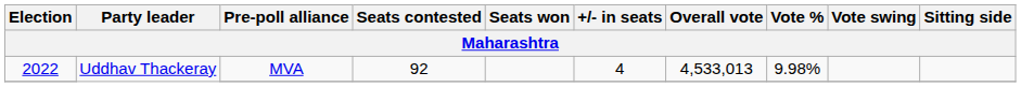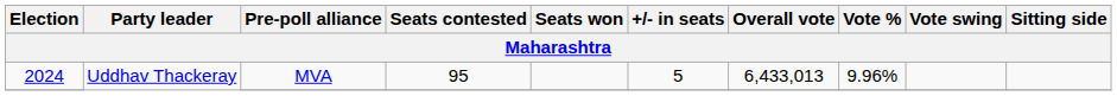 <table class="wikitable" style="text-align:center">
 <tr>
 <th style="background-color:">Election</th>
 <th style="background-color:">Party leader</th>
 <th style="background-color:">Pre-poll alliance</th>
 <th style="background-color:">Seats contested</th>
 <th style="background-color:">Seats won</th>
 <th style="background-color:">+/- in seats</th>
 <th style="background-color:">Overall vote</th>
 <th style="background-color:">Vote %</th>
 <th style="background-color:">Vote swing</th>
 <th style="background-color:">Sitting side</th>
 </tr>
 <tr>
 <th Colspan=20><a href='#'>Maharashtra</a></th>
 </tr>
 <tr>
-<td><a href='#'>2022</a></td>
+<td><a href='#'>2024</a></td>
 <td rowspan=3><a href='#'>Uddhav Thackeray</a></td>
 <td><a href='#'>MVA</a></td>
-<td>92</td>
+<td>95</td>
 <td></td>
-<td>4</td>
-<td>4,533,013</td>
-<td>9.98%</td>
+<td>5</td>
+<td>6,433,013</td>
+<td>9.96%</td>
 <td></td>
 <td></td>
 </tr>
 <tr>
 </tr>
 </table>
